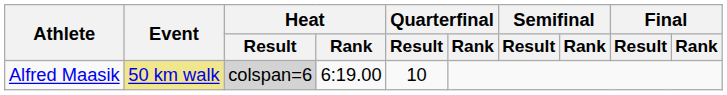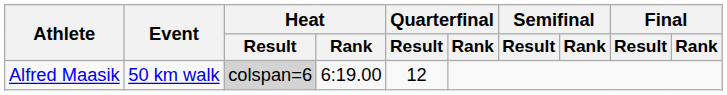 <table class="wikitable" style="font-size:90%">
 <tr>
 <th rowspan="2">Athlete</th>
 <th rowspan="2">Event</th>
 <th colspan="2">Heat</th>
 <th colspan="2">Quarterfinal</th>
 <th colspan="2">Semifinal</th>
 <th colspan="2">Final</th>
 </tr>
 <tr style="font-size:95%">
 <th>Result</th>
 <th>Rank</th>
 <th>Result</th>
 <th>Rank</th>
 <th>Result</th>
 <th>Rank</th>
 <th>Result</th>
 <th>Rank</th>
 </tr>
 <tr align=center>
 <td align=left rowspan=2><a href='#'>Alfred Maasik</a></td>
-<td align=left style="background: khaki;"><a href='#'>50 km walk</a></td>
+<td align=left><a href='#'>50 km walk</a></td>
 <td style="background: lightgrey;">colspan=6 </td>
 <td>6:19.00</td>
-<td>10</td>
+<td>12</td>
 </tr>
 </table>
